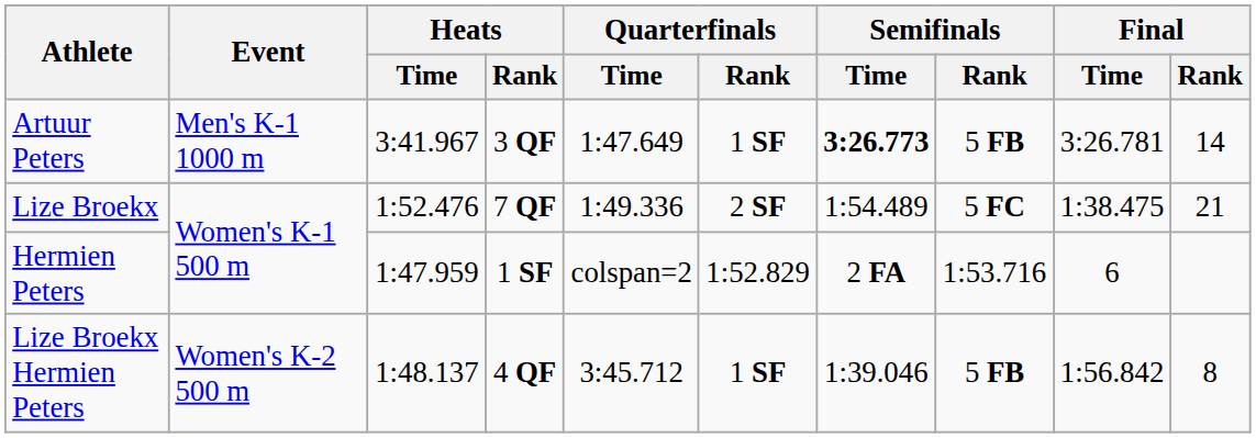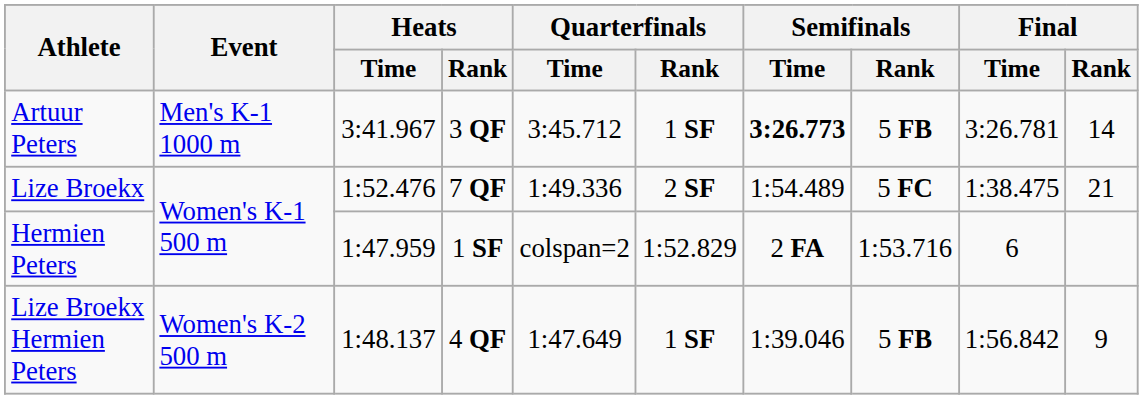 <table class=wikitable style="font-size:90%">
 <tr>
 <th rowspan="2">Athlete</th>
 <th rowspan="2">Event</th>
 <th colspan=2>Heats</th>
 <th colspan=2>Quarterfinals</th>
 <th colspan=2>Semifinals</th>
 <th colspan=2>Final</th>
 </tr>
 <tr style="font-size:95%">
 <th>Time</th>
 <th>Rank</th>
 <th>Time</th>
 <th>Rank</th>
 <th>Time</th>
 <th>Rank</th>
 <th>Time</th>
 <th>Rank</th>
 </tr>
 <tr align=center>
 <td align=left><a href='#'>Artuur Peters</a></td>
 <td align=left><a href='#'>Men's K-1 1000 m</a></td>
 <td>3:41.967</td>
 <td>3 <strong>QF</strong></td>
-<td>1:47.649</td>
+<td>3:45.712</td>
 <td>1 <strong>SF</strong></td>
 <td><strong>3:26.773</strong></td>
 <td>5 <strong>FB</strong></td>
 <td>3:26.781</td>
 <td>14</td>
 </tr>
 <tr align=center>
 <td align=left><a href='#'>Lize Broekx</a></td>
 <td align=left rowspan=2><a href='#'>Women's K-1 500 m</a></td>
 <td>1:52.476</td>
 <td>7 <strong>QF</strong></td>
 <td>1:49.336</td>
 <td>2 <strong>SF</strong></td>
 <td>1:54.489</td>
 <td>5 <strong>FC</strong></td>
 <td>1:38.475</td>
 <td>21</td>
 </tr>
 <tr align=center>
 <td align=left><a href='#'>Hermien Peters</a></td>
 <td>1:47.959</td>
 <td>1 <strong>SF</strong></td>
 <td>colspan=2 </td>
 <td>1:52.829</td>
 <td>2 <strong>FA</strong></td>
 <td>1:53.716</td>
 <td>6</td>
 </tr>
 <tr align=center>
 <td align=left><a href='#'>Lize Broekx</a><br><a href='#'>Hermien Peters</a></td>
 <td align=left><a href='#'>Women's K-2 500 m</a></td>
 <td>1:48.137</td>
 <td>4 <strong>QF</strong></td>
-<td>3:45.712</td>
+<td>1:47.649</td>
 <td>1 <strong>SF</strong></td>
 <td>1:39.046</td>
 <td>5 <strong>FB</strong></td>
 <td>1:56.842</td>
-<td>8</td>
+<td>9</td>
 </tr>
 </table>
